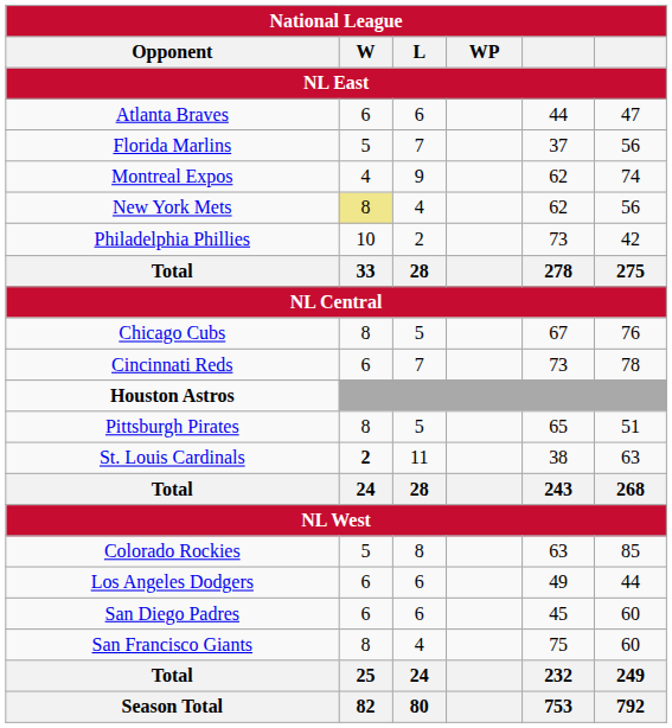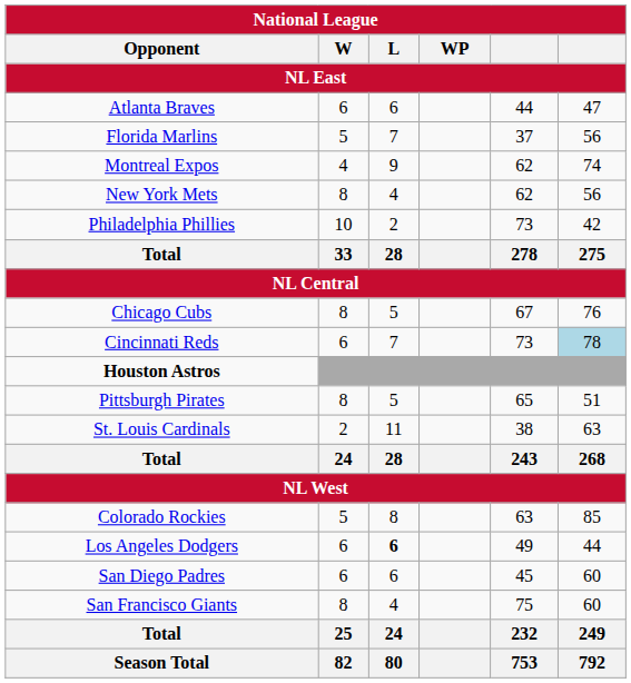 <table class="wikitable" style="font-size:95%; text-align:center; width:35em;margin: 0.5em auto;">
 <tr>
 <th colspan="7" style="background:#c60c30; color:#ffffff;">National League</th>
 </tr>
 <tr>
 <th>Opponent</th>
 <th>W</th>
 <th>L</th>
 <th>WP</th>
 <th></th>
 <th></th>
 </tr>
 <tr>
 <th colspan="7" style="background:#c60c30; color:#ffffff;">NL East</th>
 </tr>
 <tr>
 <td><a href='#'>Atlanta Braves</a></td>
 <td>6</td>
 <td>6</td>
 <td></td>
 <td>44</td>
 <td>47</td>
 </tr>
 <tr>
 <td><a href='#'>Florida Marlins</a></td>
 <td>5</td>
 <td>7</td>
 <td></td>
 <td>37</td>
 <td>56</td>
 </tr>
 <tr>
 <td><a href='#'>Montreal Expos</a></td>
 <td>4</td>
 <td>9</td>
 <td></td>
 <td>62</td>
 <td>74</td>
 </tr>
 <tr>
 <td><a href='#'>New York Mets</a></td>
-<td style="background: khaki;">8</td>
+<td>8</td>
 <td>4</td>
 <td></td>
 <td>62</td>
 <td>56</td>
 </tr>
 <tr>
 <td><a href='#'>Philadelphia Phillies</a></td>
 <td>10</td>
 <td>2</td>
 <td></td>
 <td>73</td>
 <td>42</td>
 </tr>
 <tr>
 <th>Total</th>
 <th>33</th>
 <th>28</th>
 <th></th>
 <th>278</th>
 <th>275</th>
 </tr>
 <tr>
 <th colspan="7" style="background:#c60c30; color:#ffffff;">NL Central</th>
 </tr>
 <tr>
 <td><a href='#'>Chicago Cubs</a></td>
 <td>8</td>
 <td>5</td>
 <td></td>
 <td>67</td>
 <td>76</td>
 </tr>
 <tr>
 <td><a href='#'>Cincinnati Reds</a></td>
 <td>6</td>
 <td>7</td>
 <td></td>
 <td>73</td>
-<td>78</td>
+<td style="background: lightblue;">78</td>
 </tr>
 <tr>
 <td><strong>Houston Astros</strong></td>
 <td colspan=5 style="background:darkgray;"></td>
 </tr>
 <tr>
 <td><a href='#'>Pittsburgh Pirates</a></td>
 <td>8</td>
 <td>5</td>
 <td></td>
 <td>65</td>
 <td>51</td>
 </tr>
 <tr>
 <td><a href='#'>St. Louis Cardinals</a></td>
-<td><strong>2</strong></td>
+<td>2</td>
 <td>11</td>
 <td></td>
 <td>38</td>
 <td>63</td>
 </tr>
 <tr>
 <th>Total</th>
 <th>24</th>
 <th>28</th>
 <th></th>
 <th>243</th>
 <th>268</th>
 </tr>
 <tr>
 <th colspan="7" style="background:#c60c30; color:#ffffff;">NL West</th>
 </tr>
 <tr>
 <td><a href='#'>Colorado Rockies</a></td>
 <td>5</td>
 <td>8</td>
 <td></td>
 <td>63</td>
 <td>85</td>
 </tr>
 <tr>
 <td><a href='#'>Los Angeles Dodgers</a></td>
 <td>6</td>
-<td>6</td>
+<td><strong>6</strong></td>
 <td></td>
 <td>49</td>
 <td>44</td>
 </tr>
 <tr>
 <td><a href='#'>San Diego Padres</a></td>
 <td>6</td>
 <td>6</td>
 <td></td>
 <td>45</td>
 <td>60</td>
 </tr>
 <tr>
 <td><a href='#'>San Francisco Giants</a></td>
 <td>8</td>
 <td>4</td>
 <td></td>
 <td>75</td>
 <td>60</td>
 </tr>
 <tr>
 <th>Total</th>
 <th>25</th>
 <th>24</th>
 <th></th>
 <th>232</th>
 <th>249</th>
 </tr>
 <tr>
 <th>Season Total</th>
 <th>82</th>
 <th>80</th>
 <th></th>
 <th>753</th>
 <th>792</th>
 </tr>
 </table>
